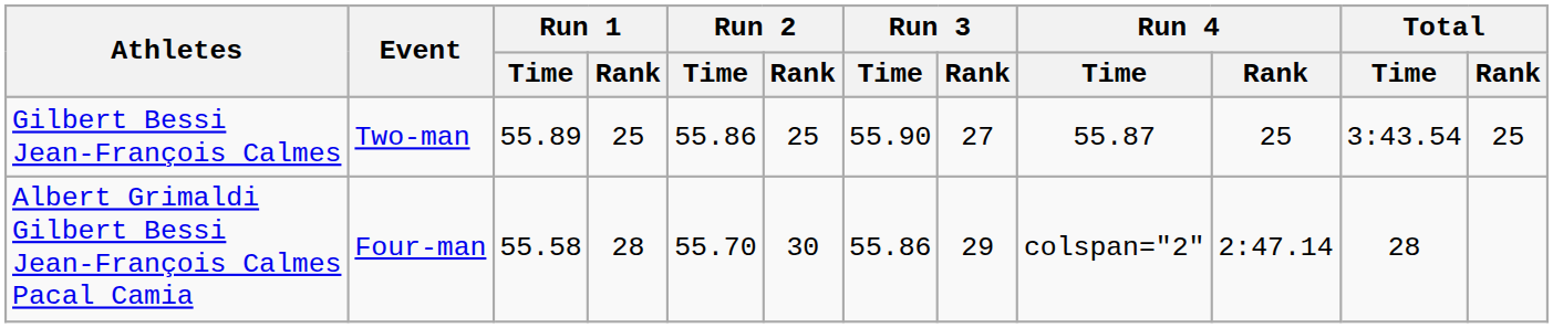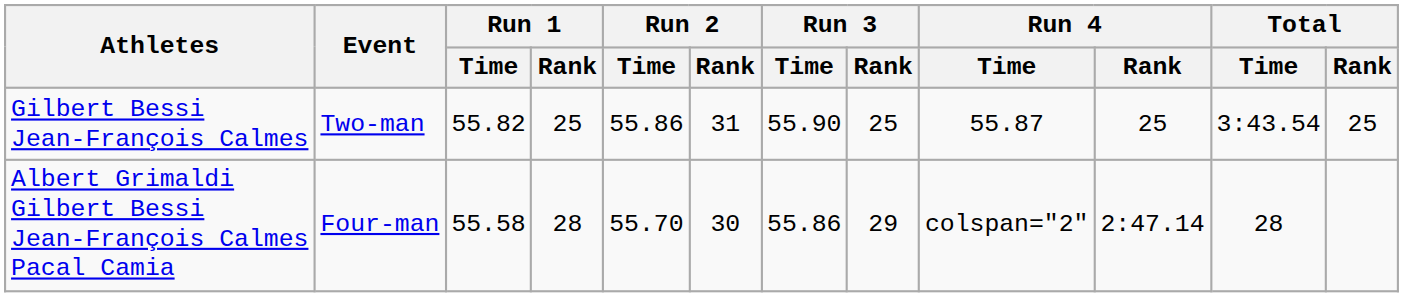 <table class="wikitable" border="1" style="font-size:90%">
 <tr>
 <th rowspan="2">Athletes</th>
 <th rowspan="2">Event</th>
 <th colspan="2">Run 1</th>
 <th colspan="2">Run 2</th>
 <th colspan="2">Run 3</th>
 <th colspan="2">Run 4</th>
 <th colspan="2">Total</th>
 </tr>
 <tr>
 <th>Time</th>
 <th>Rank</th>
 <th>Time</th>
 <th>Rank</th>
 <th>Time</th>
 <th>Rank</th>
 <th>Time</th>
 <th>Rank</th>
 <th>Time</th>
 <th>Rank</th>
 </tr>
 <tr>
 <td><a href='#'>Gilbert Bessi</a><br><a href='#'>Jean-François Calmes</a></td>
 <td><a href='#'>Two-man</a></td>
-<td align="center">55.89</td>
+<td align="center">55.82</td>
 <td align="center">25</td>
 <td align="center">55.86</td>
+<td align="center">31</td>
+<td align="center">55.90</td>
 <td align="center">25</td>
-<td align="center">55.90</td>
-<td align="center">27</td>
 <td align="center">55.87</td>
 <td align="center">25</td>
 <td align="center">3:43.54</td>
 <td align="center">25</td>
 </tr>
 <tr>
 <td><a href='#'>Albert Grimaldi</a><br><a href='#'>Gilbert Bessi</a><br><a href='#'>Jean-François Calmes</a><br><a href='#'>Pacal Camia</a></td>
 <td><a href='#'>Four-man</a></td>
 <td align="center">55.58</td>
 <td align="center">28</td>
 <td align="center">55.70</td>
 <td align="center">30</td>
 <td align="center">55.86</td>
 <td align="center">29</td>
 <td>colspan="2" </td>
 <td align="center">2:47.14</td>
 <td align="center">28</td>
 </tr>
 </table>
